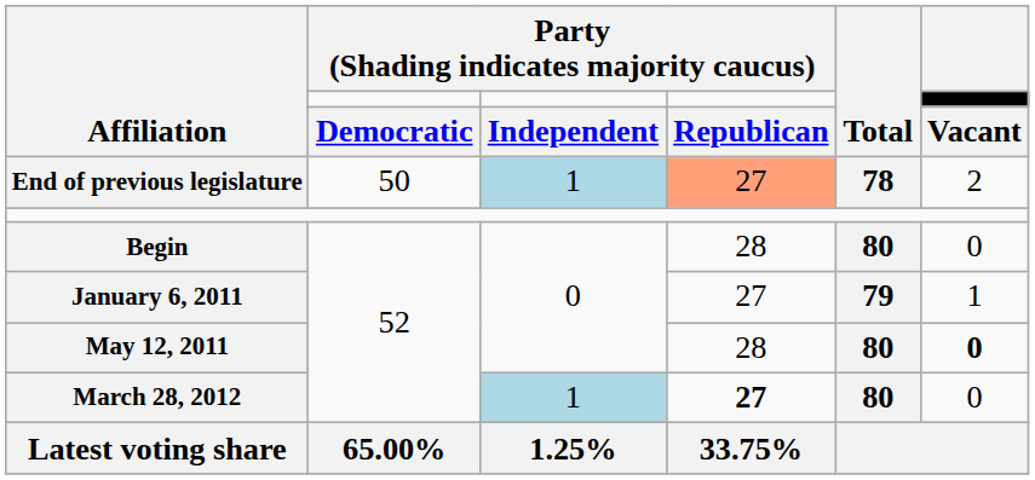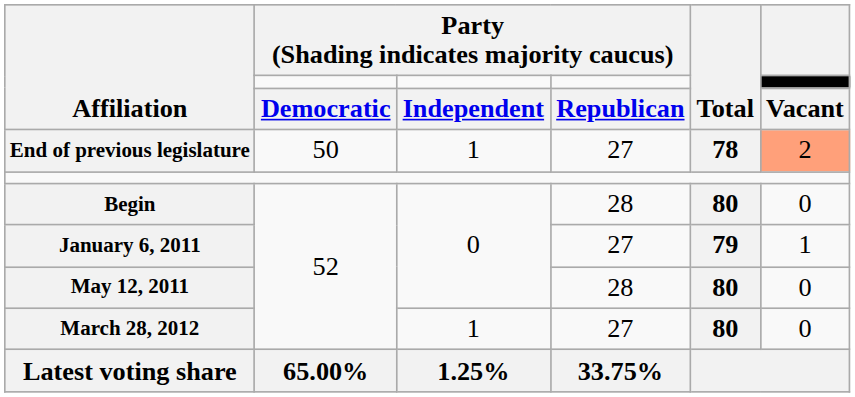 <table class="wikitable" style="text-align:center">
 <tr style="vertical-align:bottom;">
 <th scope="col" rowspan=3>Affiliation</th>
 <th scope="col" colspan=3>Party <div>(Shading indicates majority caucus)</div></th>
 <th scope="col" rowspan=3>Total</th>
 <th></th>
 </tr>
 <tr style="height:5px">
 <td></td>
 <td></td>
 <td></td>
 <td style="background:black"></td>
 </tr>
 <tr>
 <th scope="row"><a href='#'>Democratic</a></th>
 <th><a href='#'>Independent</a></th>
 <th><a href='#'>Republican</a></th>
 <th>Vacant</th>
 </tr>
 <tr>
 <th scope="row" style="white-space:nowrap; font-size:80% ">End of previous legislature</th>
 <td>50</td>
-<td style="background: lightblue;">1</td>
-<td style="background: lightsalmon;">27</td>
+<td>1</td>
+<td>27</td>
 <th>78</th>
-<td>2</td>
+<td style="background: lightsalmon;">2</td>
 </tr>
 <tr>
 <td colspan=6></td>
 </tr>
 <tr>
 <th scope="row" style="white-space:nowrap; font-size:80%">Begin</th>
 <td rowspan="4" >52</td>
 <td rowspan="3">0</td>
 <td>28</td>
 <th>80</th>
 <td>0</td>
 </tr>
 <tr>
 <th scope="row" style="white-space:nowrap; font-size:80%">January 6, 2011</th>
 <td>27</td>
 <th>79</th>
 <td>1</td>
 </tr>
 <tr>
 <th scope="row" style="white-space:nowrap; font-size:80%">May 12, 2011</th>
 <td>28</td>
 <th>80</th>
-<td><strong>0</strong></td>
+<td>0</td>
 </tr>
 <tr>
 <th scope="row" style="white-space:nowrap; font-size:80%">March 28, 2012</th>
-<td style="background: lightblue;">1</td>
-<td><strong>27</strong></td>
+<td>1</td>
+<td>27</td>
 <th>80</th>
 <td>0</td>
 </tr>
 <tr>
 <th scope="row">Latest voting share</th>
 <th>65.00% </th>
 <th>1.25% </th>
 <th>33.75% </th>
 <th colspan=2></th>
 </tr>
 </table>
